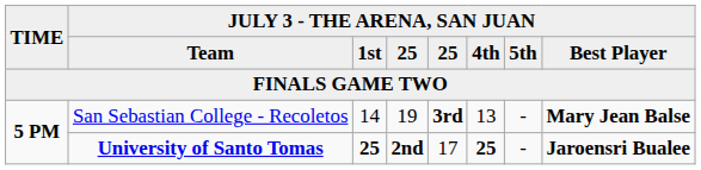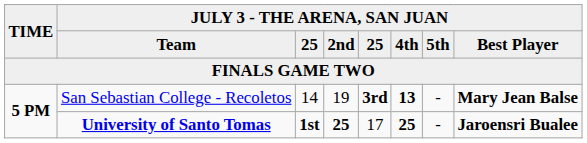 <table class="wikitable" style="text-align: center">
 <tr style="background:#efefef;">
 <td rowspan=2><strong>TIME</strong></td>
 <td colspan=7><strong>JULY 3 - THE ARENA, SAN JUAN</strong></td>
 </tr>
 <tr style="background:#efefef;">
 <td><strong>Team</strong></td>
-<td><strong>1st</strong></td>
 <td><strong>25</strong></td>
+<td><strong>2nd</strong></td>
 <td><strong>25</strong></td>
 <td><strong>4th</strong></td>
 <td><strong>5th</strong></td>
 <td><strong>Best Player</strong></td>
 </tr>
 <tr style="background:#efefef;">
 <td colspan=8><strong>FINALS GAME TWO</strong></td>
 </tr>
 <tr>
 <td rowspan=2><strong>5 PM</strong></td>
 <td><a href='#'>San Sebastian College - Recoletos</a></td>
 <td>14</td>
 <td>19</td>
 <td><strong>3rd</strong></td>
-<td>13</td>
+<td><strong>13</strong></td>
 <td>-</td>
 <td><strong>Mary Jean Balse</strong></td>
 </tr>
 <tr>
 <td><strong><a href='#'>University of Santo Tomas</a></strong></td>
+<td><strong>1st</strong></td>
 <td><strong>25</strong></td>
-<td><strong>2nd</strong></td>
 <td>17</td>
 <td><strong>25</strong></td>
 <td>-</td>
 <td><strong>Jaroensri Bualee</strong></td>
 </tr>
 </table>
